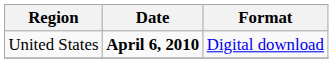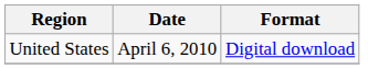 <table class="wikitable">
 <tr>
 <th>Region</th>
 <th>Date</th>
 <th>Format</th>
 </tr>
 <tr>
 <td>United States</td>
-<td><strong>April 6, 2010</strong></td>
+<td>April 6, 2010</td>
 <td><a href='#'>Digital download</a></td>
 </tr>
 <tr>
 </tr>
 </table>
